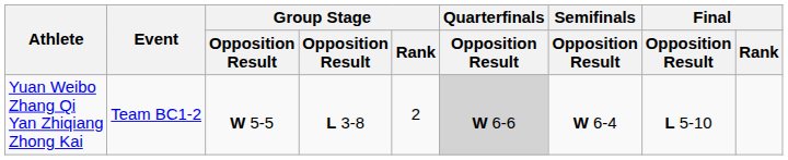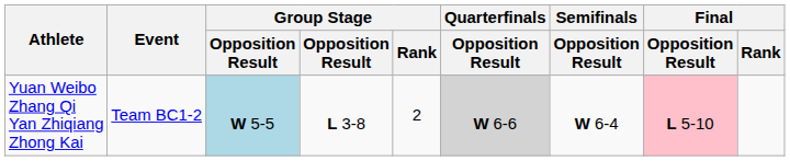 <table class=wikitable>
 <tr>
 <th rowspan="2">Athlete</th>
 <th rowspan="2">Event</th>
 <th colspan="3">Group Stage</th>
 <th>Quarterfinals</th>
 <th>Semifinals</th>
 <th colspan="2">Final</th>
 </tr>
 <tr>
 <th>Opposition<br>Result</th>
 <th>Opposition<br>Result</th>
 <th>Rank</th>
 <th>Opposition<br>Result</th>
 <th>Opposition<br>Result</th>
 <th>Opposition<br>Result</th>
 <th>Rank</th>
 </tr>
 <tr align=center>
 <td align=left><a href='#'>Yuan Weibo</a><br><a href='#'>Zhang Qi</a><br><a href='#'>Yan Zhiqiang</a><br><a href='#'>Zhong Kai</a></td>
 <td align=left><a href='#'>Team BC1-2</a></td>
-<td><br> <strong>W</strong> 5-5</td>
+<td style="background: lightblue;"><br> <strong>W</strong> 5-5</td>
 <td><br> <strong>L</strong> 3-8</td>
 <td>2</td>
 <td style="background: lightgrey;"><br> <strong>W</strong> 6-6</td>
 <td><br> <strong>W</strong> 6-4</td>
-<td><br> <strong>L</strong> 5-10</td>
+<td style="background: pink;"><br> <strong>L</strong> 5-10</td>
 <td></td>
 </tr>
 </table>
